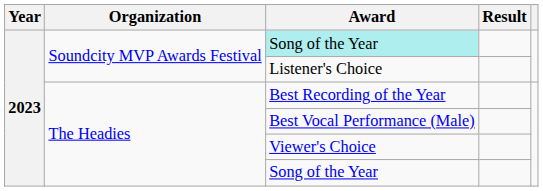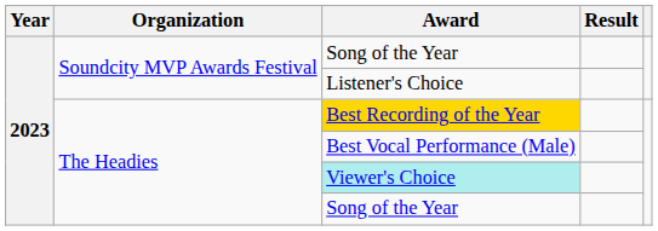 <table class="wikitable plainrowheaders">
 <tr>
 <th scope="col">Year</th>
 <th scope="col">Organization</th>
 <th scope="col">Award</th>
 <th scope="col">Result</th>
 <th scope="col"></th>
 </tr>
 <tr>
 <th rowspan="6" scope="row">2023</th>
 <td rowspan="2"><a href='#'>Soundcity MVP Awards Festival</a></td>
-<td style="background: paleturquoise;">Song of the Year</td>
+<td>Song of the Year</td>
 <td></td>
 <td rowspan="2"></td>
 </tr>
 <tr>
 <td>Listener's Choice</td>
 <td></td>
 </tr>
 <tr>
 <td rowspan="4"><a href='#'>The Headies</a></td>
-<td><a href='#'>Best Recording of the Year</a></td>
+<td style="background: gold;"><a href='#'>Best Recording of the Year</a></td>
 <td></td>
 <td rowspan="4"></td>
 </tr>
 <tr>
 <td><a href='#'>Best Vocal Performance (Male)</a></td>
 <td></td>
 </tr>
 <tr>
-<td><a href='#'>Viewer's Choice</a></td>
+<td style="background: paleturquoise;"><a href='#'>Viewer's Choice</a></td>
 <td></td>
 </tr>
 <tr>
 <td><a href='#'>Song of the Year</a></td>
 <td></td>
 </tr>
 </table>
